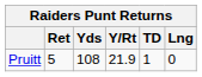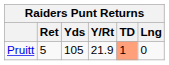 <table class="wikitable">
 <tr>
 <th colspan="6">Raiders Punt Returns</th>
 </tr>
 <tr>
 <th></th>
 <th>Ret</th>
 <th>Yds</th>
 <th>Y/Rt</th>
 <th>TD</th>
 <th>Lng</th>
 </tr>
 <tr>
 <td><a href='#'>Pruitt</a></td>
 <td>5</td>
-<td>108</td>
+<td>105</td>
 <td>21.9</td>
-<td>1</td>
+<td style="background: lightsalmon;">1</td>
 <td>0</td>
 </tr>
 </table>
